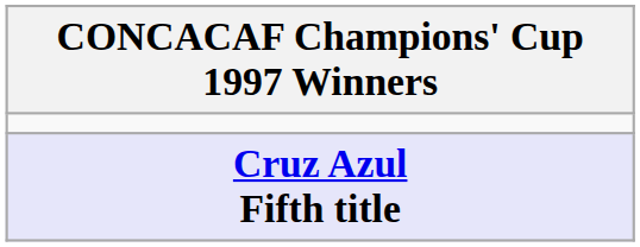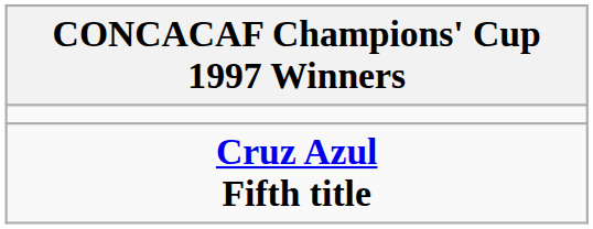 <table class="wikitable" style="text-align: center; margin: 0 auto; width: 20%">
 <tr>
 <th>CONCACAF Champions' Cup<br>1997 Winners</th>
 </tr>
 <tr>
 <td></td>
 </tr>
 <tr>
-<td style="background: lavender;"><strong><a href='#'>Cruz Azul</a></strong><br><strong>Fifth title</strong></td>
+<td><strong><a href='#'>Cruz Azul</a></strong><br><strong>Fifth title</strong></td>
 </tr>
 </table>
